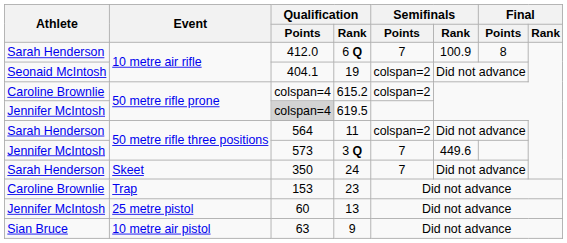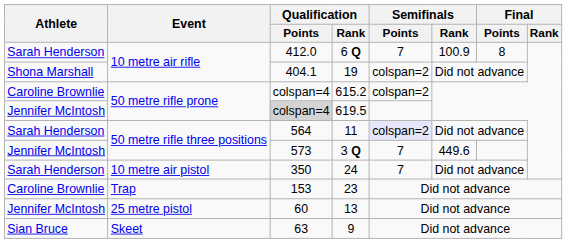 <table class="wikitable" style="font-size:90%">
 <tr>
 <th rowspan=2>Athlete</th>
 <th rowspan=2>Event</th>
 <th colspan=2>Qualification</th>
 <th colspan=2>Semifinals</th>
 <th colspan=2>Final</th>
 </tr>
 <tr style="font-size:95%">
 <th>Points</th>
 <th>Rank</th>
 <th>Points</th>
 <th>Rank</th>
 <th>Points</th>
 <th>Rank</th>
 </tr>
 <tr align=center>
 <td align=left><a href='#'>Sarah Henderson</a></td>
 <td align=left rowspan=2><a href='#'>10 metre air rifle</a></td>
 <td>412.0</td>
 <td>6 <strong>Q</strong></td>
 <td>7</td>
 <td>100.9</td>
 <td>8</td>
 </tr>
 <tr align=center>
-<td align=left><a href='#'>Seonaid McIntosh</a></td>
+<td align=left><a href='#'>Shona Marshall</a></td>
 <td>404.1</td>
 <td>19</td>
 <td>colspan=2 </td>
 <td colspan=2>Did not advance</td>
 </tr>
 <tr align=center>
 <td align=left><a href='#'>Caroline Brownlie</a></td>
 <td align=left rowspan=2><a href='#'>50 metre rifle prone</a></td>
 <td>colspan=4 </td>
 <td>615.2</td>
 <td>colspan=2 </td>
 </tr>
 <tr align=center>
 <td align=left><a href='#'>Jennifer McIntosh</a></td>
 <td style="background: lightgrey;">colspan=4 </td>
 <td>619.5</td>
 <td></td>
 </tr>
 <tr align=center>
 <td align=left><a href='#'>Sarah Henderson</a></td>
 <td align=left rowspan=2><a href='#'>50 metre rifle three positions</a></td>
 <td>564</td>
 <td>11</td>
-<td>colspan=2 </td>
+<td style="background: lavender;">colspan=2 </td>
 <td colspan=2>Did not advance</td>
 </tr>
 <tr align=center>
 <td align=left><a href='#'>Jennifer McIntosh</a></td>
 <td>573</td>
 <td>3 <strong>Q</strong></td>
 <td>7</td>
 <td>449.6</td>
 <td></td>
 </tr>
 <tr align=center>
 <td align=left><a href='#'>Sarah Henderson</a></td>
-<td align=left><a href='#'>Skeet</a></td>
+<td align=left><a href='#'>10 metre air pistol</a></td>
 <td>350</td>
 <td>24</td>
 <td>7</td>
 <td colspan=2>Did not advance</td>
 </tr>
 <tr align=center>
 <td align=left><a href='#'>Caroline Brownlie</a></td>
 <td align=left><a href='#'>Trap</a></td>
 <td>153</td>
 <td>23</td>
 <td colspan=4>Did not advance</td>
 </tr>
 <tr align=center>
 <td align=left><a href='#'>Jennifer McIntosh</a></td>
 <td align=left><a href='#'>25 metre pistol</a></td>
 <td>60</td>
 <td>13</td>
 <td colspan=4>Did not advance</td>
 </tr>
 <tr align=center>
 <td align=left><a href='#'>Sian Bruce</a></td>
-<td align=left><a href='#'>10 metre air pistol</a></td>
+<td align=left><a href='#'>Skeet</a></td>
 <td>63</td>
 <td>9</td>
 <td colspan=4>Did not advance</td>
 </tr>
 </table>
